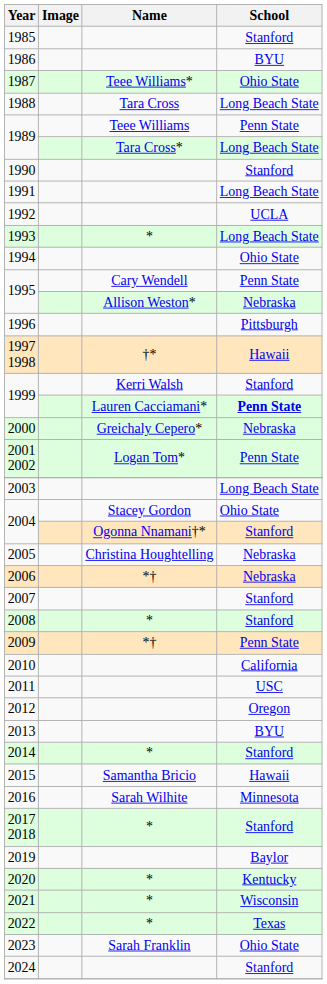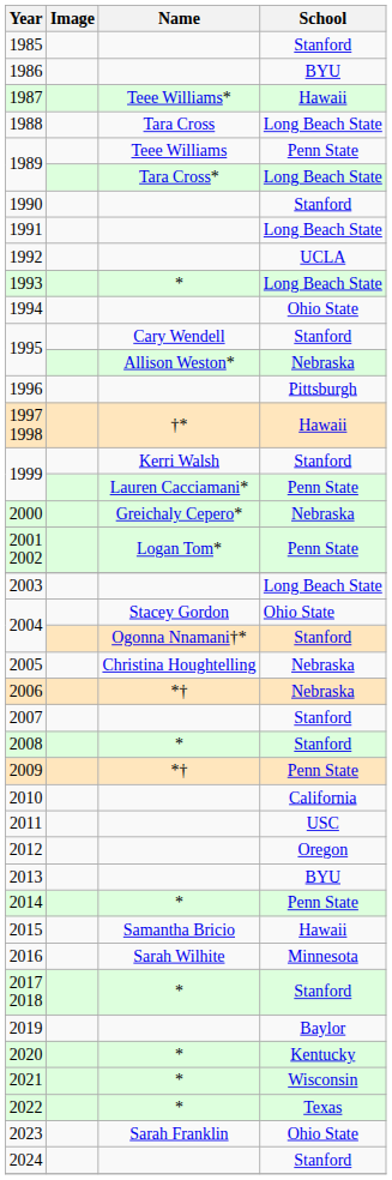 <table class="wikitable plainrowheaders sortable">
 <tr>
 <th scope="col">Year</th>
 <th scope="col" class="unsortable">Image</th>
 <th scope="col">Name</th>
 <th scope="col">School</th>
 </tr>
 <tr>
 <td style="text-align:center;">1985</td>
 <td></td>
 <td style="text-align:center;"></td>
 <td style="text-align:center;"><a href='#'>Stanford</a></td>
 </tr>
 <tr>
 <td style="text-align:center;">1986</td>
 <td></td>
 <td style="text-align:center;"></td>
 <td style="text-align:center;"><a href='#'>BYU</a></td>
 </tr>
 <tr style="background:#dfd;">
 <td style="text-align:center;">1987</td>
 <td></td>
 <td style="text-align:center;"><a href='#'>Teee Williams</a>*</td>
-<td style="text-align:center;"><a href='#'>Ohio State</a></td>
+<td style="text-align:center;"><a href='#'>Hawaii</a></td>
 </tr>
 <tr>
 <td style="text-align:center;">1988</td>
 <td></td>
 <td style="text-align:center;"><a href='#'>Tara Cross</a></td>
 <td style="text-align:center;"><a href='#'>Long Beach State</a></td>
 </tr>
 <tr>
 <td rowspan="2">1989</td>
 <td></td>
 <td style="text-align:center;"><a href='#'>Teee Williams</a></td>
 <td style="text-align:center;"><a href='#'>Penn State</a></td>
 </tr>
 <tr style="background:#dfd;">
 <td></td>
 <td style="text-align:center;"><a href='#'>Tara Cross</a>*</td>
 <td style="text-align:center;"><a href='#'>Long Beach State</a></td>
 </tr>
 <tr>
 <td style="text-align:center;">1990</td>
 <td></td>
 <td style="text-align:center;"></td>
 <td style="text-align:center;"><a href='#'>Stanford</a></td>
 </tr>
 <tr>
 <td style="text-align:center;">1991</td>
 <td></td>
 <td style="text-align:center;"></td>
 <td style="text-align:center;"><a href='#'>Long Beach State</a></td>
 </tr>
 <tr>
 <td style="text-align:center;">1992</td>
 <td></td>
 <td style="text-align:center;"></td>
 <td style="text-align:center;"><a href='#'>UCLA</a></td>
 </tr>
 <tr style="background:#dfd;">
 <td style="text-align:center;">1993</td>
 <td></td>
 <td style="text-align:center;">*</td>
 <td style="text-align:center;"><a href='#'>Long Beach State</a></td>
 </tr>
 <tr>
 <td style="text-align:center;">1994</td>
 <td></td>
 <td style="text-align:center;"></td>
 <td style="text-align:center;"><a href='#'>Ohio State</a></td>
 </tr>
 <tr>
 <td rowspan="2">1995</td>
 <td></td>
 <td style="text-align:center;"><a href='#'>Cary Wendell</a></td>
-<td style="text-align:center;"><a href='#'>Penn State</a></td>
+<td style="text-align:center;"><a href='#'>Stanford</a></td>
 </tr>
 <tr style="background:#dfd;">
 <td></td>
 <td style="text-align:center;"><a href='#'>Allison Weston</a>*</td>
 <td style="text-align:center;"><a href='#'>Nebraska</a></td>
 </tr>
 <tr>
 <td style="text-align:center;">1996</td>
 <td></td>
 <td style="text-align:center;"></td>
 <td style="text-align:center;"><a href='#'>Pittsburgh</a></td>
 </tr>
 <tr style="background:#ffe6bd;">
 <td style="text-align:center;">1997<br>1998</td>
 <td></td>
 <td style="text-align:center;">†*</td>
 <td style="text-align:center;"><a href='#'>Hawaii</a></td>
 </tr>
 <tr>
 <td rowspan="2">1999</td>
 <td></td>
 <td style="text-align:center;"><a href='#'>Kerri Walsh</a></td>
 <td style="text-align:center;"><a href='#'>Stanford</a></td>
 </tr>
 <tr style="background:#dfd;">
 <td></td>
 <td style="text-align:center;"><a href='#'>Lauren Cacciamani</a>*</td>
-<td style="text-align:center;"><strong><a href='#'>Penn State</a></strong></td>
+<td style="text-align:center;"><a href='#'>Penn State</a></td>
 </tr>
 <tr style="background:#dfd;">
 <td style="text-align:center;">2000</td>
 <td></td>
 <td style="text-align:center;"><a href='#'>Greichaly Cepero</a>*</td>
 <td style="text-align:center;"><a href='#'>Nebraska</a></td>
 </tr>
 <tr style="background:#dfd;">
 <td style="text-align:center;">2001<br>2002</td>
 <td></td>
 <td style="text-align:center;"><a href='#'>Logan Tom</a>*</td>
 <td style="text-align:center;"><a href='#'>Penn State</a></td>
 </tr>
 <tr>
 </tr>
 <tr style=>
 <td style="text-align:center;">2003</td>
 <td></td>
 <td style="text-align:center;"></td>
 <td style="text-align:center;"><a href='#'>Long Beach State</a></td>
 </tr>
 <tr>
 <td rowspan="2">2004</td>
 <td></td>
 <td style="text-align:center;"><a href='#'>Stacey Gordon</a></td>
 <td><a href='#'>Ohio State</a></td>
 </tr>
 <tr style="background:#ffe6bd;">
 <td></td>
 <td style="text-align:center;"><a href='#'>Ogonna Nnamani</a>†*</td>
 <td style="text-align:center;"><a href='#'>Stanford</a></td>
 </tr>
 <tr>
 <td style="text-align:center;">2005</td>
 <td></td>
 <td style="text-align:center;"><a href='#'>Christina Houghtelling</a></td>
 <td style="text-align:center;"><a href='#'>Nebraska</a></td>
 </tr>
 <tr style="background:#ffe6bd;">
 <td style="text-align:center;">2006</td>
 <td></td>
 <td style="text-align:center;">*†</td>
 <td style="text-align:center;"><a href='#'>Nebraska</a></td>
 </tr>
 <tr>
 <td style="text-align:center;">2007</td>
 <td></td>
 <td style="text-align:center;"></td>
 <td style="text-align:center;"><a href='#'>Stanford</a></td>
 </tr>
 <tr style="background:#dfd;">
 <td style="text-align:center;">2008</td>
 <td></td>
 <td style="text-align:center;">*</td>
 <td style="text-align:center;"><a href='#'>Stanford</a></td>
 </tr>
 <tr style="background:#ffe6bd;">
 <td style="text-align:center;">2009</td>
 <td></td>
 <td style="text-align:center;">*†</td>
 <td style="text-align:center;"><a href='#'>Penn State</a></td>
 </tr>
 <tr>
 <td style="text-align:center;">2010</td>
 <td></td>
 <td style="text-align:center;"></td>
 <td style="text-align:center;"><a href='#'>California</a></td>
 </tr>
 <tr>
 <td style="text-align:center;">2011</td>
 <td></td>
 <td style="text-align:center;"></td>
 <td style="text-align:center;"><a href='#'>USC</a></td>
 </tr>
 <tr>
 <td style="text-align:center;">2012</td>
 <td></td>
 <td style="text-align:center;"></td>
 <td style="text-align:center;"><a href='#'>Oregon</a></td>
 </tr>
 <tr>
 <td style="text-align:center;">2013</td>
 <td></td>
 <td style="text-align:center;"></td>
 <td style="text-align:center;"><a href='#'>BYU</a></td>
 </tr>
 <tr style="background:#dfd;">
 <td style="text-align:center;">2014</td>
 <td></td>
 <td style="text-align:center;">*</td>
-<td style="text-align:center;"><a href='#'>Stanford</a></td>
+<td style="text-align:center;"><a href='#'>Penn State</a></td>
 </tr>
 <tr>
 <td style="text-align:center;">2015</td>
 <td></td>
 <td style="text-align:center;"><a href='#'>Samantha Bricio</a></td>
 <td style="text-align:center;"><a href='#'>Hawaii</a></td>
 </tr>
 <tr>
 <td style="text-align:center;">2016</td>
 <td></td>
 <td style="text-align:center;"><a href='#'>Sarah Wilhite</a></td>
 <td style="text-align:center;"><a href='#'>Minnesota</a></td>
 </tr>
 <tr style="background:#dfd;">
 <td style="text-align:center;">2017<br>2018</td>
 <td></td>
 <td style="text-align:center;">*</td>
 <td style="text-align:center;"><a href='#'>Stanford</a></td>
 </tr>
 <tr>
 <td style="text-align:center;">2019</td>
 <td></td>
 <td style="text-align:center;"></td>
 <td style="text-align:center;"><a href='#'>Baylor</a></td>
 </tr>
 <tr style="background:#dfd;">
 <td style="text-align:center;">2020</td>
 <td></td>
 <td style="text-align:center;">*</td>
 <td style="text-align:center;"><a href='#'>Kentucky</a></td>
 </tr>
 <tr style="background:#dfd;">
 <td style="text-align:center;">2021</td>
 <td></td>
 <td style="text-align:center;">*</td>
 <td style="text-align:center;"><a href='#'>Wisconsin</a></td>
 </tr>
 <tr style="background:#dfd;">
 <td style="text-align:center;">2022</td>
 <td></td>
 <td style="text-align:center;">*</td>
 <td style="text-align:center;"><a href='#'>Texas</a></td>
 </tr>
 <tr style=>
 <td style="text-align:center;">2023</td>
 <td></td>
 <td style="text-align:center;"><a href='#'>Sarah Franklin</a></td>
 <td style="text-align:center;"><a href='#'>Ohio State</a></td>
 </tr>
 <tr style=>
 <td style="text-align:center;">2024</td>
 <td></td>
 <td style="text-align:center;"></td>
 <td style="text-align:center;"><a href='#'>Stanford</a></td>
 </tr>
 <tr>
 </tr>
 </table>
